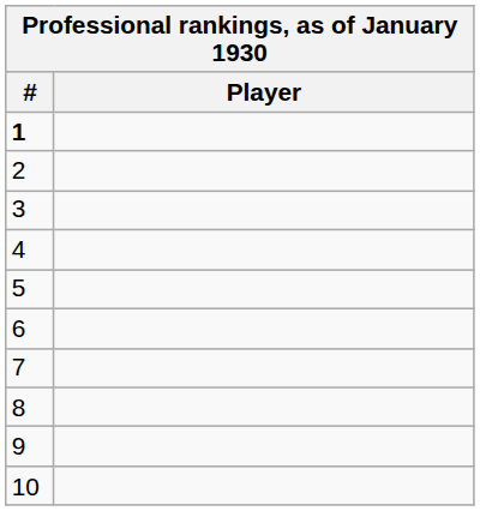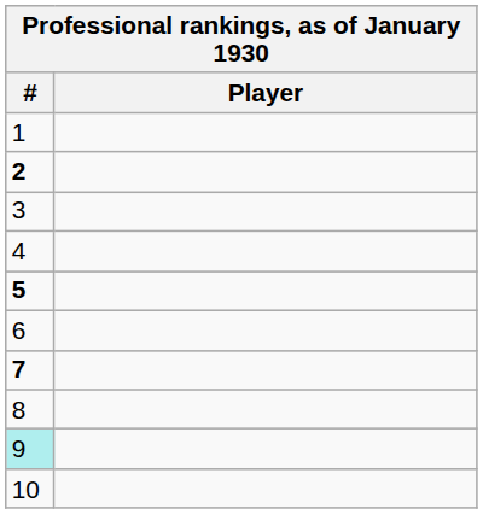 <table class="wikitable" style="font-size:85%;">
 <tr>
 <th colspan="3">Professional rankings, as of January 1930</th>
 </tr>
 <tr>
 <th width=20>#</th>
 <th width=222>Player</th>
 </tr>
 <tr>
-<td><strong>1</strong></td>
+<td>1</td>
 <td align=left></td>
 </tr>
 <tr>
-<td>2</td>
+<td><strong>2</strong></td>
 <td align=left></td>
 </tr>
 <tr>
 <td>3</td>
 <td align=left></td>
 </tr>
 <tr>
 <td>4</td>
 <td align=left></td>
 </tr>
 <tr>
-<td>5</td>
+<td><strong>5</strong></td>
 <td align=left></td>
 </tr>
 <tr>
 <td>6</td>
 <td align=left></td>
 </tr>
 <tr>
-<td>7</td>
+<td><strong>7</strong></td>
 <td align=left></td>
 </tr>
 <tr>
 <td>8</td>
 <td align=left></td>
 </tr>
 <tr>
-<td>9</td>
+<td style="background: paleturquoise;">9</td>
 <td align=left></td>
 </tr>
 <tr>
 <td>10</td>
 <td align=left></td>
 </tr>
 </table>
